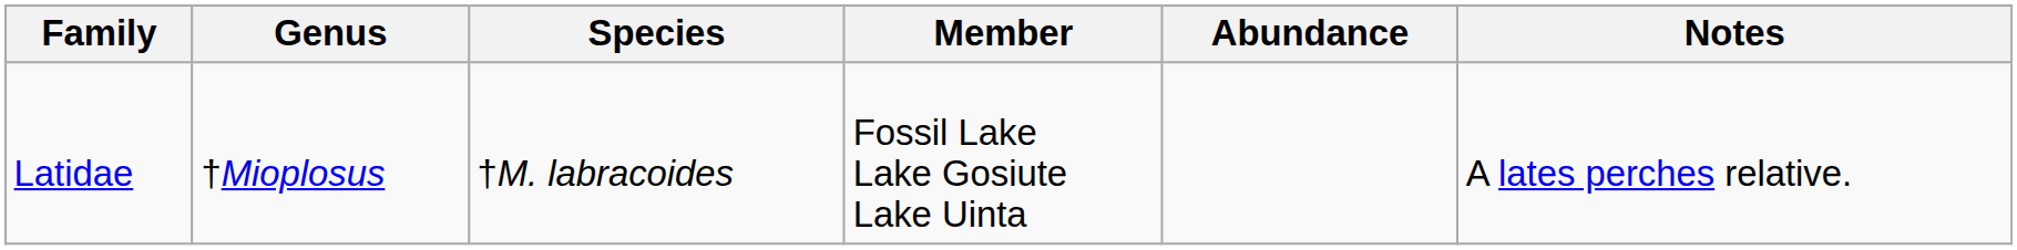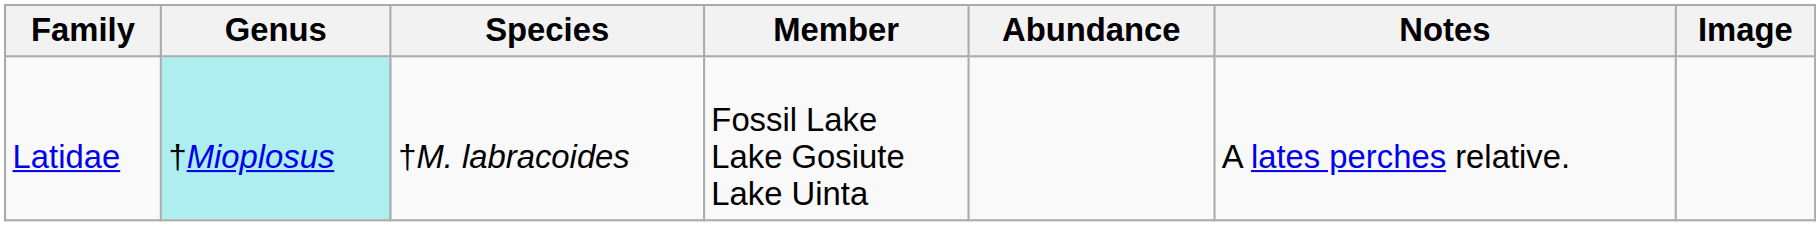 <table class="wikitable" style="margin:auto;width:100%;">
 <tr>
 <th>Family</th>
 <th>Genus</th>
 <th>Species</th>
 <th>Member</th>
 <th>Abundance</th>
 <th>Notes</th>
+<th>Image</th>
 </tr>
 <tr>
 <td><br><a href='#'>Latidae</a></td>
-<td><br>†<em><a href='#'>Mioplosus</a></em></td>
+<td style="background: paleturquoise;"><br>†<em><a href='#'>Mioplosus</a></em></td>
 <td><br>†<em>M. labracoides</em> </td>
 <td><br>Fossil Lake<br> Lake Gosiute<br> Lake Uinta</td>
 <td></td>
 <td><br>A <a href='#'>lates perches</a> relative.</td>
+<td><br></td>
 </tr>
 </table>
